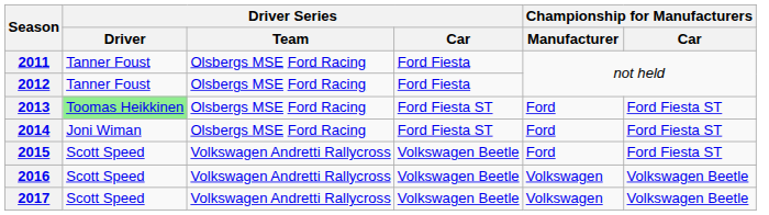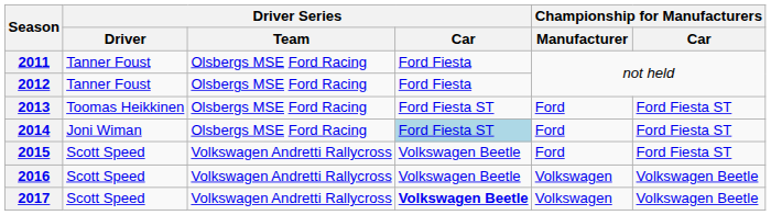 <table class="wikitable">
 <tr>
 <th rowspan=2>Season</th>
 <th colspan=3>Driver Series</th>
 <th colspan=2>Championship for Manufacturers</th>
 </tr>
 <tr>
 <th>Driver</th>
 <th>Team</th>
 <th>Car</th>
 <th>Manufacturer</th>
 <th>Car</th>
 </tr>
 <tr>
 <th><a href='#'>2011</a></th>
 <td> <a href='#'>Tanner Foust</a></td>
 <td> <a href='#'>Olsbergs MSE</a> <a href='#'>Ford Racing</a></td>
 <td><a href='#'>Ford Fiesta</a></td>
 <td align=center colspan=2 rowspan=2><em>not held</em></td>
 </tr>
 <tr>
 <th><a href='#'>2012</a></th>
 <td> <a href='#'>Tanner Foust</a></td>
 <td> <a href='#'>Olsbergs MSE</a> <a href='#'>Ford Racing</a></td>
 <td><a href='#'>Ford Fiesta</a></td>
 </tr>
 <tr>
 <th><a href='#'>2013</a></th>
-<td style="background: lightgreen;"> <a href='#'>Toomas Heikkinen</a></td>
+<td> <a href='#'>Toomas Heikkinen</a></td>
 <td> <a href='#'>Olsbergs MSE</a> <a href='#'>Ford Racing</a></td>
 <td><a href='#'>Ford Fiesta ST</a></td>
 <td> <a href='#'>Ford</a></td>
 <td><a href='#'>Ford Fiesta ST</a></td>
 </tr>
 <tr>
 <th><a href='#'>2014</a></th>
 <td> <a href='#'>Joni Wiman</a></td>
 <td> <a href='#'>Olsbergs MSE</a> <a href='#'>Ford Racing</a></td>
-<td><a href='#'>Ford Fiesta ST</a></td>
+<td style="background: lightblue;"><a href='#'>Ford Fiesta ST</a></td>
 <td> <a href='#'>Ford</a></td>
 <td><a href='#'>Ford Fiesta ST</a></td>
 </tr>
 <tr>
 <th><a href='#'>2015</a></th>
 <td> <a href='#'>Scott Speed</a></td>
 <td> <a href='#'>Volkswagen Andretti Rallycross</a></td>
 <td><a href='#'>Volkswagen Beetle</a></td>
 <td> <a href='#'>Ford</a></td>
 <td><a href='#'>Ford Fiesta ST</a></td>
 </tr>
 <tr>
 <th><a href='#'>2016</a></th>
 <td> <a href='#'>Scott Speed</a></td>
 <td> <a href='#'>Volkswagen Andretti Rallycross</a></td>
 <td><a href='#'>Volkswagen Beetle</a></td>
 <td> <a href='#'>Volkswagen</a></td>
 <td><a href='#'>Volkswagen Beetle</a></td>
 </tr>
 <tr>
 <th><a href='#'>2017</a></th>
 <td> <a href='#'>Scott Speed</a></td>
 <td> <a href='#'>Volkswagen Andretti Rallycross</a></td>
-<td><a href='#'>Volkswagen Beetle</a></td>
+<td><strong><a href='#'>Volkswagen Beetle</a></strong></td>
 <td> <a href='#'>Volkswagen</a></td>
 <td><a href='#'>Volkswagen Beetle</a></td>
 </tr>
 </table>
